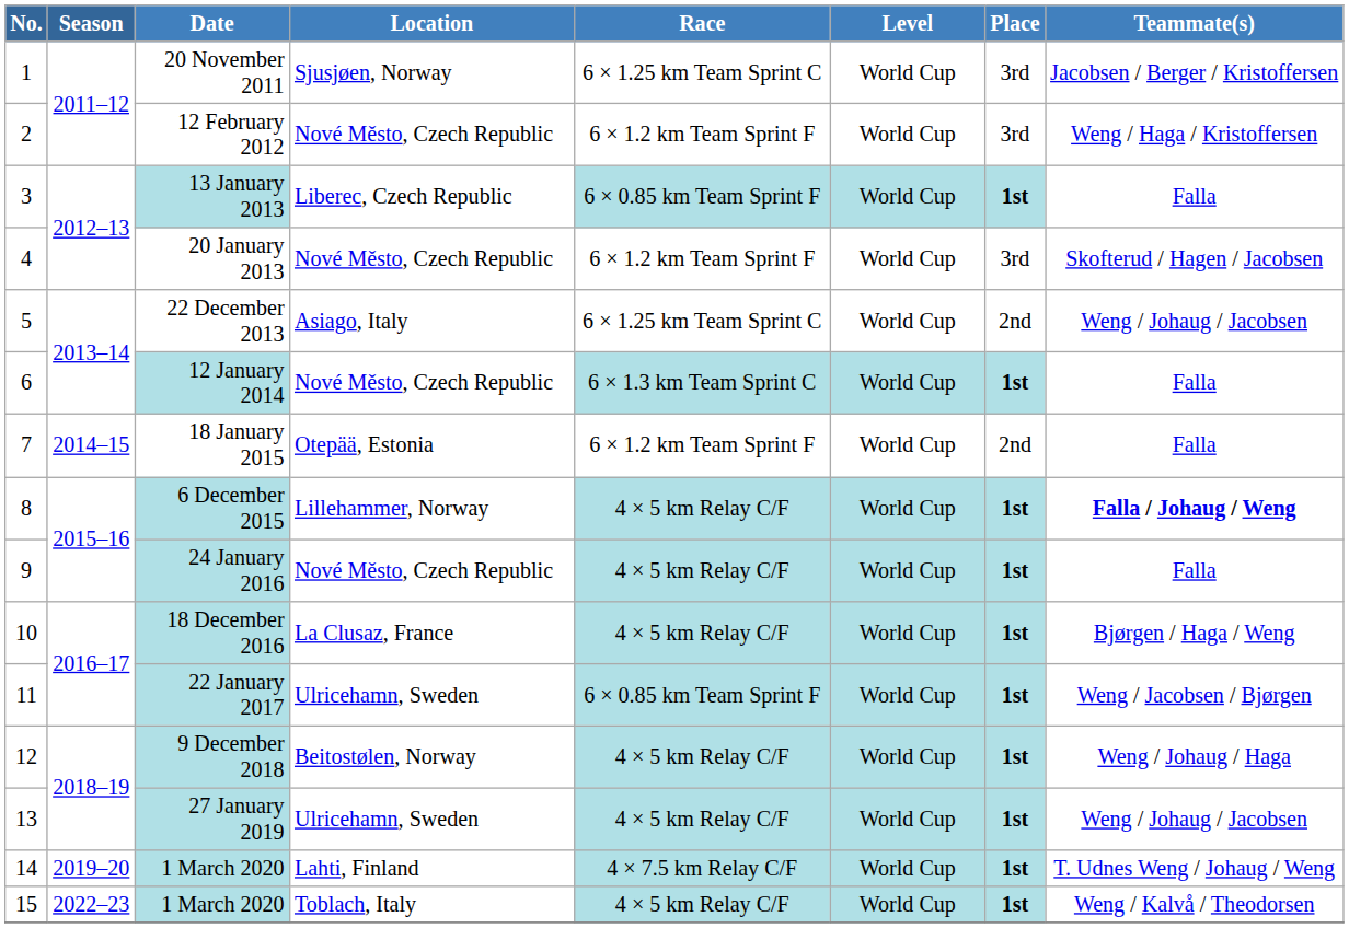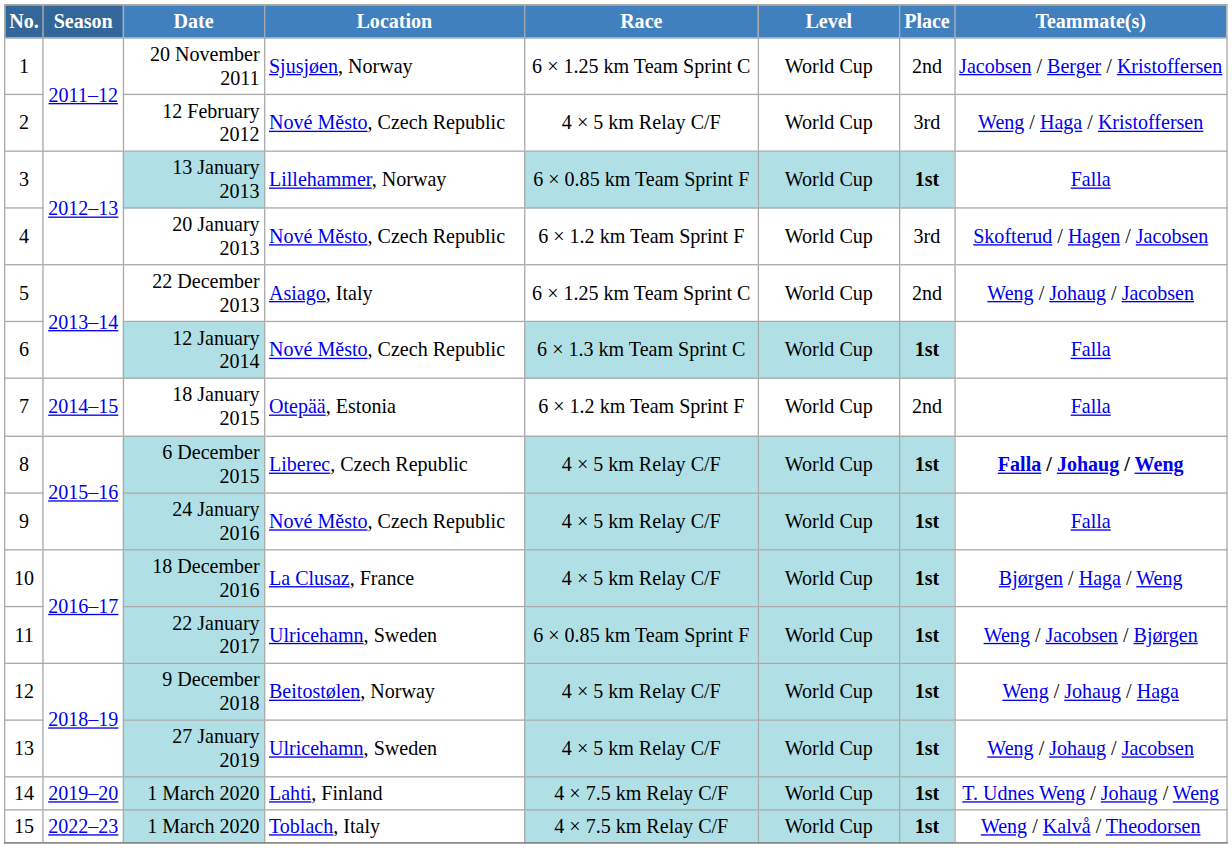 <table class="wikitable sortable" style="font-size:95%; text-align:center; border:grey solid 1px; border-collapse:collapse; background:#ffffff;">
 <tr style="background:#efefef;">
 <th style="background-color:#369; color:white;">No.</th>
 <th style="background-color:#369; color:white;">Season</th>
 <th style="background-color:#4180be; color:white; width:100px;">Date</th>
 <th style="background-color:#4180be; color:white; width:190px;">Location</th>
 <th style="background-color:#4180be; color:white; width:170px;">Race</th>
 <th style="background-color:#4180be; color:white; width:100px;">Level</th>
 <th style="background-color:#4180be; color:white;">Place</th>
 <th style="background-color:#4180be; color:white;">Teammate(s)</th>
 </tr>
 <tr>
 <td align=center>1</td>
 <td rowspan=2 align=center><a href='#'>2011–12</a></td>
 <td align=right>20 November 2011</td>
 <td align=left> <a href='#'>Sjusjøen</a>, Norway</td>
 <td>6 × 1.25 km Team Sprint C</td>
 <td> World Cup </td>
-<td>3rd</td>
+<td>2nd</td>
 <td><a href='#'>Jacobsen</a> / <a href='#'>Berger</a> / <a href='#'>Kristoffersen</a></td>
 </tr>
 <tr>
 <td align=center>2</td>
 <td align=right>12 February 2012</td>
 <td align=left> <a href='#'>Nové Město</a>, Czech Republic</td>
-<td>6 × 1.2 km Team Sprint F</td>
+<td>4 × 5 km Relay C/F</td>
 <td>World Cup</td>
 <td>3rd</td>
 <td><a href='#'>Weng</a> / <a href='#'>Haga</a> / <a href='#'>Kristoffersen</a></td>
 </tr>
 <tr>
 <td align=center>3</td>
 <td rowspan=2 align=center><a href='#'>2012–13</a></td>
 <td bgcolor="#BOEOE6" align=right>13 January 2013</td>
-<td align=left> <a href='#'>Liberec</a>, Czech Republic</td>
+<td align=left> <a href='#'>Lillehammer</a>, Norway</td>
 <td bgcolor="#BOEOE6">6 × 0.85 km Team Sprint F</td>
 <td bgcolor="#BOEOE6">World Cup</td>
 <td bgcolor="#BOEOE6"><strong>1st</strong></td>
 <td><a href='#'>Falla</a></td>
 </tr>
 <tr>
 <td align=center>4</td>
 <td align=right>20 January 2013</td>
 <td align=left> <a href='#'>Nové Město</a>, Czech Republic</td>
 <td>6 × 1.2 km Team Sprint F</td>
 <td>World Cup</td>
 <td>3rd</td>
 <td><a href='#'>Skofterud</a> / <a href='#'>Hagen</a> / <a href='#'>Jacobsen</a></td>
 </tr>
 <tr>
 <td align=center>5</td>
 <td rowspan=2 align=center><a href='#'>2013–14</a></td>
 <td align=right>22 December 2013</td>
 <td align=left> <a href='#'>Asiago</a>, Italy</td>
 <td>6 × 1.25 km Team Sprint C</td>
 <td> World Cup </td>
 <td>2nd</td>
 <td><a href='#'>Weng</a> / <a href='#'>Johaug</a> / <a href='#'>Jacobsen</a></td>
 </tr>
 <tr>
 <td align=center>6</td>
 <td bgcolor="#BOEOE6" align=right>12 January 2014</td>
 <td align=left> <a href='#'>Nové Město</a>, Czech Republic</td>
 <td bgcolor="#BOEOE6">6 × 1.3 km Team Sprint C</td>
 <td bgcolor="#BOEOE6">World Cup</td>
 <td bgcolor="#BOEOE6"><strong>1st</strong></td>
 <td><a href='#'>Falla</a></td>
 </tr>
 <tr>
 <td align=center>7</td>
 <td rowspan=1 align=center><a href='#'>2014–15</a></td>
 <td align=right>18 January 2015</td>
 <td align=left> <a href='#'>Otepää</a>, Estonia</td>
 <td>6 × 1.2 km Team Sprint F</td>
 <td> World Cup </td>
 <td>2nd</td>
 <td><a href='#'>Falla</a></td>
 </tr>
 <tr>
 <td align=center>8</td>
 <td rowspan=2 align=center><a href='#'>2015–16</a></td>
 <td bgcolor="#BOEOE6" align=right>6 December 2015</td>
-<td align=left> <a href='#'>Lillehammer</a>, Norway</td>
+<td align=left> <a href='#'>Liberec</a>, Czech Republic</td>
 <td bgcolor="#BOEOE6">4 × 5 km Relay C/F</td>
 <td bgcolor="#BOEOE6">World Cup</td>
 <td bgcolor="#BOEOE6"><strong>1st</strong></td>
 <td><strong><a href='#'>Falla</a> / <a href='#'>Johaug</a> / <a href='#'>Weng</a></strong></td>
 </tr>
 <tr>
 <td align=center>9</td>
 <td bgcolor="#BOEOE6" align=right>24 January 2016</td>
 <td align=left> <a href='#'>Nové Město</a>, Czech Republic</td>
 <td bgcolor="#BOEOE6">4 × 5 km Relay C/F</td>
 <td bgcolor="#BOEOE6">World Cup</td>
 <td bgcolor="#BOEOE6"><strong>1st</strong></td>
 <td><a href='#'>Falla</a></td>
 </tr>
 <tr>
 <td align=center>10</td>
 <td rowspan=2 align=center><a href='#'>2016–17</a></td>
 <td bgcolor="#BOEOE6" align=right>18 December 2016</td>
 <td align=left> <a href='#'>La Clusaz</a>, France</td>
 <td bgcolor="#BOEOE6">4 × 5 km Relay C/F</td>
 <td bgcolor="#BOEOE6">World Cup</td>
 <td bgcolor="#BOEOE6"><strong>1st</strong></td>
 <td><a href='#'>Bjørgen</a> / <a href='#'>Haga</a> / <a href='#'>Weng</a></td>
 </tr>
 <tr>
 <td align=center>11</td>
 <td bgcolor="#BOEOE6" align=right>22 January 2017</td>
 <td align=left> <a href='#'>Ulricehamn</a>, Sweden</td>
 <td bgcolor="#BOEOE6">6 × 0.85 km Team Sprint F</td>
 <td bgcolor="#BOEOE6">World Cup</td>
 <td bgcolor="#BOEOE6"><strong>1st</strong></td>
 <td><a href='#'>Weng</a> / <a href='#'>Jacobsen</a> / <a href='#'>Bjørgen</a></td>
 </tr>
 <tr>
 <td align=center>12</td>
 <td rowspan=2 align=center><a href='#'>2018–19</a></td>
 <td bgcolor="#BOEOE6" align=right>9 December 2018</td>
 <td align=left> <a href='#'>Beitostølen</a>, Norway</td>
 <td bgcolor="#BOEOE6">4 × 5 km Relay C/F</td>
 <td bgcolor="#BOEOE6">World Cup</td>
 <td bgcolor="#BOEOE6"><strong>1st</strong></td>
 <td><a href='#'>Weng</a> / <a href='#'>Johaug</a> / <a href='#'>Haga</a></td>
 </tr>
 <tr>
 <td align=center>13</td>
 <td bgcolor="#BOEOE6" align=right>27 January 2019</td>
 <td align=left> <a href='#'>Ulricehamn</a>, Sweden</td>
 <td bgcolor="#BOEOE6">4 × 5 km Relay C/F</td>
 <td bgcolor="#BOEOE6">World Cup</td>
 <td bgcolor="#BOEOE6"><strong>1st</strong></td>
 <td><a href='#'>Weng</a> / <a href='#'>Johaug</a> / <a href='#'>Jacobsen</a></td>
 </tr>
 <tr>
 <td align=center>14</td>
 <td rowspan=1 align=center><a href='#'>2019–20</a></td>
 <td bgcolor="#BOEOE6" align=right>1 March 2020</td>
 <td align=left> <a href='#'>Lahti</a>, Finland</td>
 <td bgcolor="#BOEOE6">4 × 7.5 km Relay C/F</td>
 <td bgcolor="#BOEOE6">World Cup</td>
 <td bgcolor="#BOEOE6"><strong>1st</strong></td>
 <td><a href='#'>T. Udnes Weng</a> / <a href='#'>Johaug</a> / <a href='#'>Weng</a></td>
 </tr>
 <tr>
 <td align=center>15</td>
 <td rowspan=1 align=center><a href='#'>2022–23</a></td>
 <td bgcolor="#BOEOE6" align=right>1 March 2020</td>
 <td align=left> <a href='#'>Toblach</a>, Italy</td>
-<td bgcolor="#BOEOE6">4 × 5 km Relay C/F</td>
+<td bgcolor="#BOEOE6">4 × 7.5 km Relay C/F</td>
 <td bgcolor="#BOEOE6">World Cup</td>
 <td bgcolor="#BOEOE6"><strong>1st</strong></td>
 <td><a href='#'>Weng</a> / <a href='#'>Kalvå</a> / <a href='#'>Theodorsen</a></td>
 </tr>
 <tr>
 </tr>
 </table>
